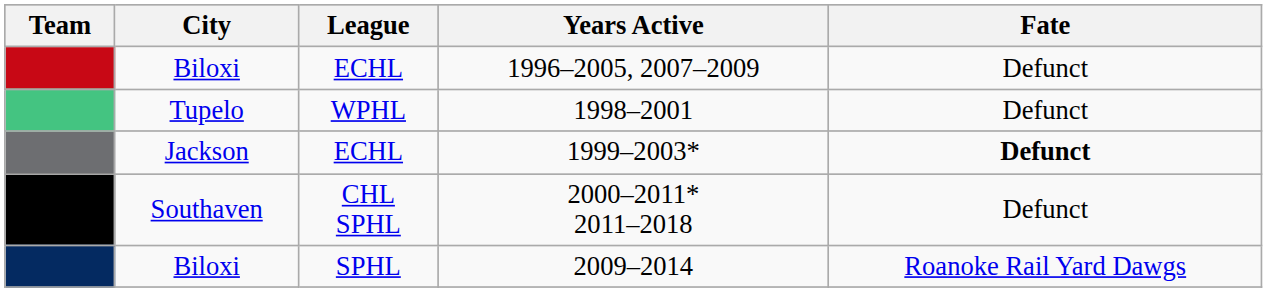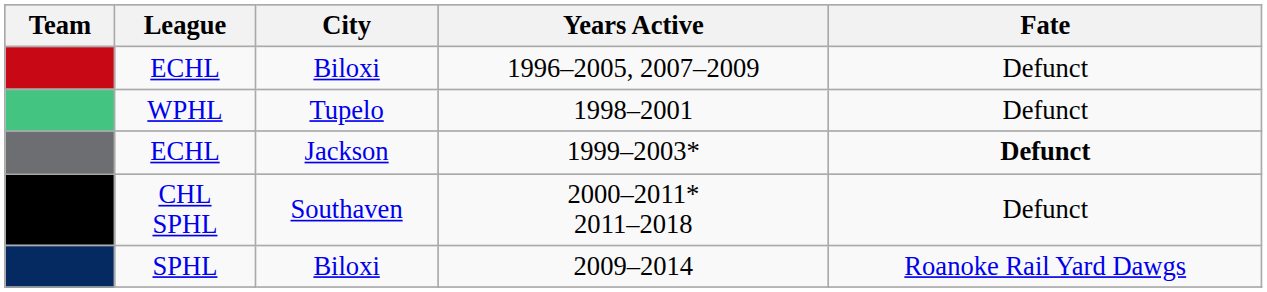 <table class="wikitable sortable" width="60%">
 <tr>
 <th>Team</th>
+<th>League</th>
 <th>City</th>
-<th>League</th>
 <th>Years Active</th>
 <th>Fate</th>
 </tr>
 <tr align=center>
 <td style="color:white; background:#C80815; "><strong><a href='#'></a></strong></td>
+<td><a href='#'>ECHL</a></td>
 <td><a href='#'>Biloxi</a></td>
-<td><a href='#'>ECHL</a></td>
 <td>1996–2005, 2007–2009</td>
 <td>Defunct</td>
 </tr>
 <tr align=center>
 <td style="color:white; background:#44c481; "><strong><a href='#'></a></strong></td>
+<td><a href='#'>WPHL</a></td>
 <td><a href='#'>Tupelo</a></td>
-<td><a href='#'>WPHL</a></td>
 <td>1998–2001</td>
 <td>Defunct</td>
 </tr>
 <tr align=center>
 <td style="color:white; background:#6d6e71; "><strong><a href='#'></a></strong></td>
+<td><a href='#'>ECHL</a></td>
 <td><a href='#'>Jackson</a></td>
-<td><a href='#'>ECHL</a></td>
 <td>1999–2003*</td>
 <td><strong>Defunct</strong></td>
 </tr>
 <tr align=center>
 <td style="color:white; background:#000000; "><strong><a href='#'></a></strong></td>
+<td><a href='#'>CHL</a><br><a href='#'>SPHL</a></td>
 <td><a href='#'>Southaven</a></td>
-<td><a href='#'>CHL</a><br><a href='#'>SPHL</a></td>
 <td>2000–2011*<br>2011–2018</td>
 <td>Defunct</td>
 </tr>
 <tr align=center>
 <td style="color:white; background:#042A61; "><strong><a href='#'></a></strong></td>
+<td><a href='#'>SPHL</a></td>
 <td><a href='#'>Biloxi</a></td>
-<td><a href='#'>SPHL</a></td>
 <td>2009–2014</td>
 <td><a href='#'>Roanoke Rail Yard Dawgs</a></td>
 </tr>
 </table>
